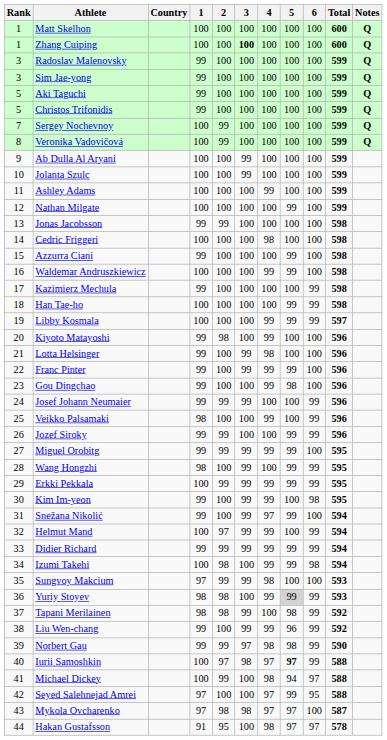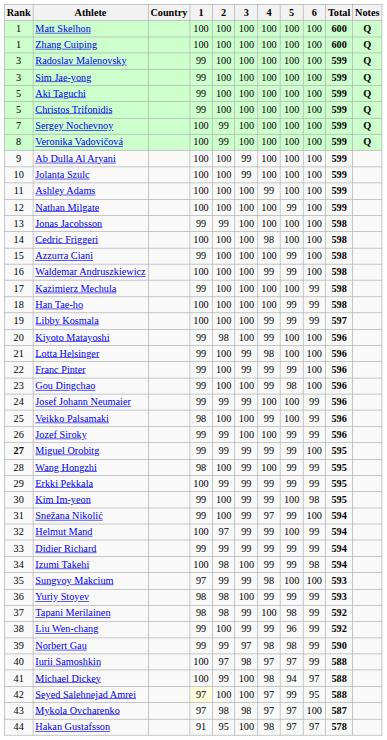 <table class="wikitable sortable" style="text-align:center">
 <tr>
 <th>Rank</th>
 <th>Athlete</th>
 <th>Country</th>
 <th style="width: 28px">1</th>
 <th style="width: 28px">2</th>
 <th style="width: 28px">3</th>
 <th style="width: 28px">4</th>
 <th style="width: 28px">5</th>
 <th style="width: 28px">6</th>
 <th>Total</th>
 <th class="unsortable">Notes</th>
 </tr>
 <tr bgcolor=#ccffcc>
 <td>1</td>
 <td align="left"><a href='#'>Matt Skelhon</a></td>
 <td align="left"></td>
 <td align="center">100</td>
 <td align="center">100</td>
 <td align="center">100</td>
 <td align="center">100</td>
 <td align="center">100</td>
 <td align="center">100</td>
 <td align="center"><strong>600</strong></td>
 <td align="center"><strong>Q</strong></td>
 </tr>
 <tr bgcolor=#ccffcc>
 <td>1</td>
 <td align="left"><a href='#'>Zhang Cuiping</a></td>
 <td align="left"></td>
 <td align="center">100</td>
 <td align="center">100</td>
-<td align="center"><strong>100</strong></td>
+<td align="center">100</td>
 <td align="center">100</td>
 <td align="center">100</td>
 <td align="center">100</td>
 <td align="center"><strong>600</strong></td>
 <td align="center"><strong>Q</strong></td>
 </tr>
 <tr bgcolor=#ccffcc>
 <td>3</td>
 <td align="left"><a href='#'>Radoslav Malenovsky</a></td>
 <td align="left"></td>
 <td align="center">99</td>
 <td align="center">100</td>
 <td align="center">100</td>
 <td align="center">100</td>
 <td align="center">100</td>
 <td align="center">100</td>
 <td align="center"><strong>599</strong></td>
 <td align="center"><strong>Q</strong></td>
 </tr>
 <tr bgcolor=#ccffcc>
 <td>3</td>
 <td align="left"><a href='#'>Sim Jae-yong</a></td>
 <td align="left"></td>
 <td align="center">99</td>
 <td align="center">100</td>
 <td align="center">100</td>
 <td align="center">100</td>
 <td align="center">100</td>
 <td align="center">100</td>
 <td align="center"><strong>599</strong></td>
 <td align="center"><strong>Q</strong></td>
 </tr>
 <tr bgcolor=#ccffcc>
 <td>5</td>
 <td align="left"><a href='#'>Aki Taguchi</a></td>
 <td align="left"></td>
 <td align="center">99</td>
 <td align="center">100</td>
 <td align="center">100</td>
 <td align="center">100</td>
 <td align="center">100</td>
 <td align="center">100</td>
 <td align="center"><strong>599</strong></td>
 <td align="center"><strong>Q</strong></td>
 </tr>
 <tr bgcolor=#ccffcc>
 <td>5</td>
 <td align="left"><a href='#'>Christos Trifonidis</a></td>
 <td align="left"></td>
 <td align="center">99</td>
 <td align="center">100</td>
 <td align="center">100</td>
 <td align="center">100</td>
 <td align="center">100</td>
 <td align="center">100</td>
 <td align="center"><strong>599</strong></td>
 <td align="center"><strong>Q</strong></td>
 </tr>
 <tr bgcolor=#ccffcc>
 <td>7</td>
 <td align="left"><a href='#'>Sergey Nochevnoy</a></td>
 <td align="left"></td>
 <td align="center">100</td>
 <td align="center">99</td>
 <td align="center">100</td>
 <td align="center">100</td>
 <td align="center">100</td>
 <td align="center">100</td>
 <td align="center"><strong>599</strong></td>
 <td align="center"><strong>Q</strong></td>
 </tr>
 <tr bgcolor=#ccffcc>
 <td>8</td>
 <td align="left"><a href='#'>Veronika Vadovičová</a></td>
 <td align="left"></td>
 <td align="center">100</td>
 <td align="center">99</td>
 <td align="center">100</td>
 <td align="center">100</td>
 <td align="center">100</td>
 <td align="center">100</td>
 <td align="center"><strong>599</strong></td>
 <td align="center"><strong>Q</strong></td>
 </tr>
 <tr>
 <td>9</td>
 <td align="left"><a href='#'>Ab Dulla Al Aryani</a></td>
 <td align="left"></td>
 <td align="center">100</td>
 <td align="center">100</td>
 <td align="center">99</td>
 <td align="center">100</td>
 <td align="center">100</td>
 <td align="center">100</td>
 <td align="center"><strong>599</strong></td>
 <td></td>
 </tr>
 <tr>
 <td>10</td>
 <td align="left"><a href='#'>Jolanta Szulc</a></td>
 <td align="left"></td>
 <td align="center">100</td>
 <td align="center">100</td>
 <td align="center">99</td>
 <td align="center">100</td>
 <td align="center">100</td>
 <td align="center">100</td>
 <td align="center"><strong>599</strong></td>
 <td></td>
 </tr>
 <tr>
 <td>11</td>
 <td align="left"><a href='#'>Ashley Adams</a></td>
 <td align="left"></td>
 <td align="center">100</td>
 <td align="center">100</td>
 <td align="center">100</td>
 <td align="center">99</td>
 <td align="center">100</td>
 <td align="center">100</td>
 <td align="center"><strong>599</strong></td>
 <td></td>
 </tr>
 <tr>
 <td>12</td>
 <td align="left"><a href='#'>Nathan Milgate</a></td>
 <td align="left"></td>
 <td align="center">100</td>
 <td align="center">100</td>
 <td align="center">100</td>
 <td align="center">100</td>
 <td align="center">99</td>
 <td align="center">100</td>
 <td align="center"><strong>599</strong></td>
 <td></td>
 </tr>
 <tr>
 <td>13</td>
 <td align="left"><a href='#'>Jonas Jacobsson</a></td>
 <td align="left"></td>
 <td align="center">99</td>
 <td align="center">99</td>
 <td align="center">100</td>
 <td align="center">100</td>
 <td align="center">100</td>
 <td align="center">100</td>
 <td align="center"><strong>598</strong></td>
 <td></td>
 </tr>
 <tr>
 <td>14</td>
 <td align="left"><a href='#'>Cedric Friggeri</a></td>
 <td align="left"></td>
 <td align="center">100</td>
 <td align="center">100</td>
 <td align="center">100</td>
 <td align="center">98</td>
 <td align="center">100</td>
 <td align="center">100</td>
 <td align="center"><strong>598</strong></td>
 <td></td>
 </tr>
 <tr>
 <td>15</td>
 <td align="left"><a href='#'>Azzurra Ciani</a></td>
 <td align="left"></td>
 <td align="center">99</td>
 <td align="center">100</td>
 <td align="center">100</td>
 <td align="center">100</td>
 <td align="center">99</td>
 <td align="center">100</td>
 <td align="center"><strong>598</strong></td>
 <td></td>
 </tr>
 <tr>
 <td>16</td>
 <td align="left"><a href='#'>Waldemar Andruszkiewicz</a></td>
 <td align="left"></td>
 <td align="center">100</td>
 <td align="center">100</td>
 <td align="center">100</td>
 <td align="center">99</td>
 <td align="center">99</td>
 <td align="center">100</td>
 <td align="center"><strong>598</strong></td>
 <td></td>
 </tr>
 <tr>
 <td>17</td>
 <td align="left"><a href='#'>Kazimierz Mechula</a></td>
 <td align="left"></td>
 <td align="center">99</td>
 <td align="center">100</td>
 <td align="center">100</td>
 <td align="center">100</td>
 <td align="center">100</td>
 <td align="center">99</td>
 <td align="center"><strong>598</strong></td>
 <td></td>
 </tr>
 <tr>
 <td>18</td>
 <td align="left"><a href='#'>Han Tae-ho</a></td>
 <td align="left"></td>
 <td align="center">100</td>
 <td align="center">100</td>
 <td align="center">100</td>
 <td align="center">100</td>
 <td align="center">99</td>
 <td align="center">99</td>
 <td align="center"><strong>598</strong></td>
 <td></td>
 </tr>
 <tr>
 <td>19</td>
 <td align="left"><a href='#'>Libby Kosmala</a></td>
 <td align="left"></td>
 <td align="center">100</td>
 <td align="center">100</td>
 <td align="center">100</td>
 <td align="center">99</td>
 <td align="center">99</td>
 <td align="center">99</td>
 <td align="center"><strong>597</strong></td>
 <td></td>
 </tr>
 <tr>
 <td>20</td>
 <td align="left"><a href='#'>Kiyoto Matayoshi</a></td>
 <td align="left"></td>
 <td align="center">99</td>
 <td align="center">98</td>
 <td align="center">100</td>
 <td align="center">99</td>
 <td align="center">100</td>
 <td align="center">100</td>
 <td align="center"><strong>596</strong></td>
 <td></td>
 </tr>
 <tr>
 <td>21</td>
 <td align="left"><a href='#'>Lotta Helsinger</a></td>
 <td align="left"></td>
 <td align="center">99</td>
 <td align="center">100</td>
 <td align="center">99</td>
 <td align="center">98</td>
 <td align="center">100</td>
 <td align="center">100</td>
 <td align="center"><strong>596</strong></td>
 <td></td>
 </tr>
 <tr>
 <td>22</td>
 <td align="left"><a href='#'>Franc Pinter</a></td>
 <td align="left"></td>
 <td align="center">99</td>
 <td align="center">100</td>
 <td align="center">99</td>
 <td align="center">99</td>
 <td align="center">99</td>
 <td align="center">100</td>
 <td align="center"><strong>596</strong></td>
 <td></td>
 </tr>
 <tr>
 <td>23</td>
 <td align="left"><a href='#'>Gou Dingchao</a></td>
 <td align="left"></td>
 <td align="center">99</td>
 <td align="center">100</td>
 <td align="center">100</td>
 <td align="center">99</td>
 <td align="center">98</td>
 <td align="center">100</td>
 <td align="center"><strong>596</strong></td>
 <td></td>
 </tr>
 <tr>
 <td>24</td>
 <td align="left"><a href='#'>Josef Johann Neumaier</a></td>
 <td align="left"></td>
 <td align="center">99</td>
 <td align="center">99</td>
 <td align="center">99</td>
 <td align="center">100</td>
 <td align="center">100</td>
 <td align="center">99</td>
 <td align="center"><strong>596</strong></td>
 <td></td>
 </tr>
 <tr>
 <td>25</td>
 <td align="left"><a href='#'>Veikko Palsamaki</a></td>
 <td align="left"></td>
 <td align="center">98</td>
 <td align="center">100</td>
 <td align="center">100</td>
 <td align="center">99</td>
 <td align="center">100</td>
 <td align="center">99</td>
 <td align="center"><strong>596</strong></td>
 <td></td>
 </tr>
 <tr>
 <td>26</td>
 <td align="left"><a href='#'>Jozef Siroky</a></td>
 <td align="left"></td>
 <td align="center">99</td>
 <td align="center">99</td>
 <td align="center">100</td>
 <td align="center">100</td>
 <td align="center">99</td>
 <td align="center">99</td>
 <td align="center"><strong>596</strong></td>
 <td></td>
 </tr>
 <tr>
-<td>27</td>
+<td><strong>27</strong></td>
 <td align="left"><a href='#'>Miguel Orobitg</a></td>
 <td align="left"></td>
 <td align="center">99</td>
 <td align="center">99</td>
 <td align="center">99</td>
 <td align="center">99</td>
 <td align="center">99</td>
 <td align="center">100</td>
 <td align="center"><strong>595</strong></td>
 <td></td>
 </tr>
 <tr>
 <td>28</td>
 <td align="left"><a href='#'>Wang Hongzhi</a></td>
 <td align="left"></td>
 <td align="center">98</td>
 <td align="center">100</td>
 <td align="center">99</td>
 <td align="center">100</td>
 <td align="center">99</td>
 <td align="center">99</td>
 <td align="center"><strong>595</strong></td>
 <td></td>
 </tr>
 <tr>
 <td>29</td>
 <td align="left"><a href='#'>Erkki Pekkala</a></td>
 <td align="left"></td>
 <td align="center">100</td>
 <td align="center">99</td>
 <td align="center">99</td>
 <td align="center">99</td>
 <td align="center">99</td>
 <td align="center">99</td>
 <td align="center"><strong>595</strong></td>
 <td></td>
 </tr>
 <tr>
 <td>30</td>
 <td align="left"><a href='#'>Kim Im-yeon</a></td>
 <td align="left"></td>
 <td align="center">99</td>
 <td align="center">100</td>
 <td align="center">99</td>
 <td align="center">99</td>
 <td align="center">100</td>
 <td align="center">98</td>
 <td align="center"><strong>595</strong></td>
 <td></td>
 </tr>
 <tr>
 <td>31</td>
 <td align="left"><a href='#'>Snežana Nikolić</a></td>
 <td align="left"></td>
 <td align="center">99</td>
 <td align="center">100</td>
 <td align="center">99</td>
 <td align="center">97</td>
 <td align="center">99</td>
 <td align="center">100</td>
 <td align="center"><strong>594</strong></td>
 <td></td>
 </tr>
 <tr>
 <td>32</td>
 <td align="left"><a href='#'>Helmut Mand</a></td>
 <td align="left"></td>
 <td align="center">100</td>
 <td align="center">97</td>
 <td align="center">99</td>
 <td align="center">99</td>
 <td align="center">100</td>
 <td align="center">99</td>
 <td align="center"><strong>594</strong></td>
 <td></td>
 </tr>
 <tr>
 <td>33</td>
 <td align="left"><a href='#'>Didier Richard</a></td>
 <td align="left"></td>
 <td align="center">99</td>
 <td align="center">99</td>
 <td align="center">99</td>
 <td align="center">99</td>
 <td align="center">99</td>
 <td align="center">99</td>
 <td align="center"><strong>594</strong></td>
 <td></td>
 </tr>
 <tr>
 <td>34</td>
 <td align="left"><a href='#'>Izumi Takehi</a></td>
 <td align="left"></td>
 <td align="center">100</td>
 <td align="center">98</td>
 <td align="center">100</td>
 <td align="center">99</td>
 <td align="center">99</td>
 <td align="center">98</td>
 <td align="center"><strong>594</strong></td>
 <td></td>
 </tr>
 <tr>
 <td>35</td>
 <td align="left"><a href='#'>Sungvoy Makcium</a></td>
 <td align="left"></td>
 <td align="center">97</td>
 <td align="center">99</td>
 <td align="center">99</td>
 <td align="center">98</td>
 <td align="center">100</td>
 <td align="center">100</td>
 <td align="center"><strong>593</strong></td>
 <td></td>
 </tr>
 <tr>
 <td>36</td>
 <td align="left"><a href='#'>Yuriy Stoyev</a></td>
 <td align="left"></td>
 <td align="center">98</td>
 <td align="center">98</td>
 <td align="center">100</td>
 <td align="center">99</td>
-<td align="center" style="background: lightgrey;">99</td>
+<td align="center">99</td>
 <td align="center">99</td>
 <td align="center"><strong>593</strong></td>
 <td></td>
 </tr>
 <tr>
 <td>37</td>
 <td align="left"><a href='#'>Tapani Merilainen</a></td>
 <td align="left"></td>
 <td align="center">98</td>
 <td align="center">98</td>
 <td align="center">99</td>
 <td align="center">100</td>
 <td align="center">98</td>
 <td align="center">99</td>
 <td align="center"><strong>592</strong></td>
 <td></td>
 </tr>
 <tr>
 <td>38</td>
 <td align="left"><a href='#'>Liu Wen-chang</a></td>
 <td align="left"></td>
 <td align="center">99</td>
 <td align="center">100</td>
 <td align="center">99</td>
 <td align="center">99</td>
 <td align="center">96</td>
 <td align="center">99</td>
 <td align="center"><strong>592</strong></td>
 <td></td>
 </tr>
 <tr>
 <td>39</td>
 <td align="left"><a href='#'>Norbert Gau</a></td>
 <td align="left"></td>
 <td align="center">99</td>
 <td align="center">99</td>
 <td align="center">97</td>
 <td align="center">98</td>
 <td align="center">98</td>
 <td align="center">99</td>
 <td align="center"><strong>590</strong></td>
 <td></td>
 </tr>
 <tr>
 <td>40</td>
 <td align="left"><a href='#'>Iurii Samoshkin</a></td>
 <td align="left"></td>
 <td align="center">100</td>
 <td align="center">97</td>
 <td align="center">98</td>
 <td align="center">97</td>
-<td align="center"><strong>97</strong></td>
+<td align="center">97</td>
 <td align="center">99</td>
 <td align="center"><strong>588</strong></td>
 <td></td>
 </tr>
 <tr>
 <td>41</td>
 <td align="left"><a href='#'>Michael Dickey</a></td>
 <td align="left"></td>
 <td align="center">100</td>
 <td align="center">99</td>
 <td align="center">100</td>
 <td align="center">98</td>
 <td align="center">94</td>
 <td align="center">97</td>
 <td align="center"><strong>588</strong></td>
 <td></td>
 </tr>
 <tr>
 <td>42</td>
 <td align="left"><a href='#'>Seyed Salehnejad Amrei</a></td>
 <td align="left"></td>
-<td align="center">97</td>
+<td align="center" style="background: lightyellow;">97</td>
 <td align="center">100</td>
 <td align="center">100</td>
 <td align="center">97</td>
 <td align="center">99</td>
 <td align="center">95</td>
 <td align="center"><strong>588</strong></td>
 <td></td>
 </tr>
 <tr>
 <td>43</td>
 <td align="left"><a href='#'>Mykola Ovcharenko</a></td>
 <td align="left"></td>
 <td align="center">97</td>
 <td align="center">98</td>
 <td align="center">98</td>
 <td align="center">97</td>
 <td align="center">97</td>
 <td align="center">100</td>
 <td align="center"><strong>587</strong></td>
 <td></td>
 </tr>
 <tr>
 <td>44</td>
 <td align="left"><a href='#'>Hakan Gustafsson</a></td>
 <td align="left"></td>
 <td align="center">91</td>
 <td align="center">95</td>
 <td align="center">100</td>
 <td align="center">98</td>
 <td align="center">97</td>
 <td align="center">97</td>
 <td align="center"><strong>578</strong></td>
 <td></td>
 </tr>
 </table>
